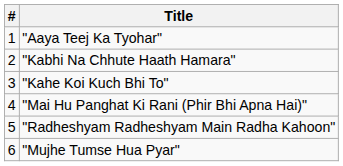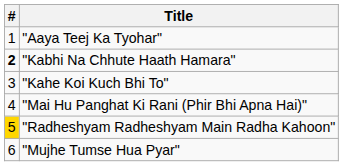 <table class="wikitable" style="font-size:95%;">
 <tr>
 <th>#</th>
 <th>Title</th>
 </tr>
 <tr>
 <td>1</td>
 <td>"Aaya Teej Ka Tyohar"</td>
 </tr>
 <tr>
-<td>2</td>
+<td><strong>2</strong></td>
 <td>"Kabhi Na Chhute Haath Hamara"</td>
 </tr>
 <tr>
 <td>3</td>
 <td>"Kahe Koi Kuch Bhi To"</td>
 </tr>
 <tr>
 <td>4</td>
 <td>"Mai Hu Panghat Ki Rani (Phir Bhi Apna Hai)"</td>
 </tr>
 <tr>
-<td>5</td>
+<td style="background: gold;">5</td>
 <td>"Radheshyam Radheshyam Main Radha Kahoon"</td>
 </tr>
 <tr>
 <td>6</td>
 <td>"Mujhe Tumse Hua Pyar"</td>
 </tr>
 </table>
